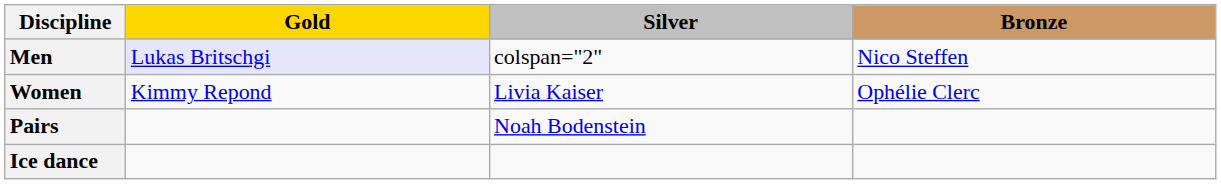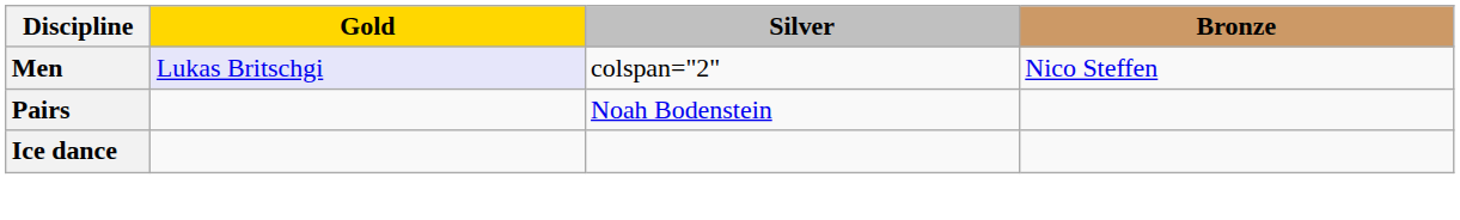 <table class="wikitable unsortable" style="text-align:left; width:70%">
 <tr>
 <th scope="col">Discipline</th>
 <td scope="col" style="text-align:center; width:30%; background:gold"><strong>Gold</strong></td>
 <td scope="col" style="text-align:center; width:30%; background:silver"><strong>Silver</strong></td>
 <td scope="col" style="text-align:center; width:30%; background:#c96"><strong>Bronze</strong></td>
 </tr>
 <tr>
 <th scope="row" style="text-align:left">Men</th>
 <td style="background: lavender;"><a href='#'>Lukas Britschgi</a></td>
 <td>colspan="2" </td>
 <td><a href='#'>Nico Steffen</a></td>
 </tr>
 <tr>
-<th scope="row" style="text-align:left">Women</th>
-<td><a href='#'>Kimmy Repond</a></td>
-<td><a href='#'>Livia Kaiser</a></td>
-<td><a href='#'>Ophélie Clerc</a></td>
-</tr>
-<tr>
 <th scope="row" style="text-align:left">Pairs</th>
 <td></td>
 <td><a href='#'>Noah Bodenstein</a></td>
 </tr>
 <tr>
 <th scope="row" style="text-align:left">Ice dance</th>
 <td></td>
 <td></td>
 <td></td>
 </tr>
 </table>
